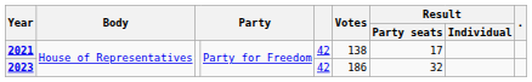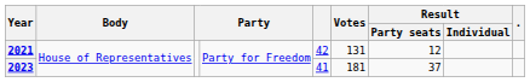 <table class="wikitable plainrowheaders sortable" border=2 cellpadding=4 cellspacing=0 style="border: 1px #aaa solid; font-size: 90%; text-align:center;">
 <tr>
 <th scope="col" rowspan=2>Year</th>
 <th scope="col" rowspan=2>Body</th>
 <th scope="col" colspan=2 rowspan=2>Party</th>
 <th scope="col" rowspan=2></th>
 <th scope="col" rowspan=2>Votes</th>
 <th scope="colgroup" colspan=2>Result</th>
 <th scope="col" rowspan=2 class="unsortable">.</th>
 </tr>
 <tr>
 <th scope="col">Party seats</th>
 <th scope="col">Individual</th>
 </tr>
 <tr>
 <th scope="row"><a href='#'>2021</a></th>
 <td rowspan=2><a href='#'>House of Representatives</a></td>
 <td rowspan=2 style="background-color:"></td>
 <td rowspan=2><a href='#'>Party for Freedom</a></td>
 <td style=text-align:right><a href='#'>42</a></td>
-<td style=text-align:right>138</td>
-<td style=text-align:right>17</td>
+<td style=text-align:right>131</td>
+<td style=text-align:right>12</td>
 <td></td>
 <td></td>
 </tr>
 <tr>
 <th scope="row"><a href='#'>2023</a></th>
-<td style=text-align:right><a href='#'>42</a></td>
-<td style=text-align:right>186</td>
-<td style=text-align:right>32</td>
+<td style=text-align:right><a href='#'>41</a></td>
+<td style=text-align:right>181</td>
+<td style=text-align:right>37</td>
 <td></td>
 <td></td>
 </tr>
 </table>
